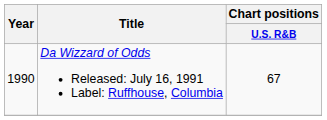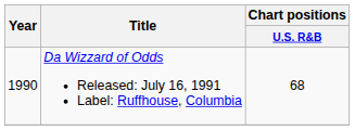 <table class="wikitable">
 <tr>
 <th rowspan="2">Year</th>
 <th rowspan="2">Title</th>
 <th colspan="2">Chart positions</th>
 </tr>
 <tr>
 <th><small><a href='#'>U.S. R&B</a></small></th>
 </tr>
 <tr>
 <td>1990</td>
 <td><em><a href='#'>Da Wizzard of Odds</a></em><br><ul><li>Released: July 16, 1991</li><li>Label: <a href='#'>Ruffhouse</a>, <a href='#'>Columbia</a></li></ul></td>
-<td align="center">67</td>
+<td align="center">68</td>
 </tr>
 <tr>
 </tr>
 </table>
